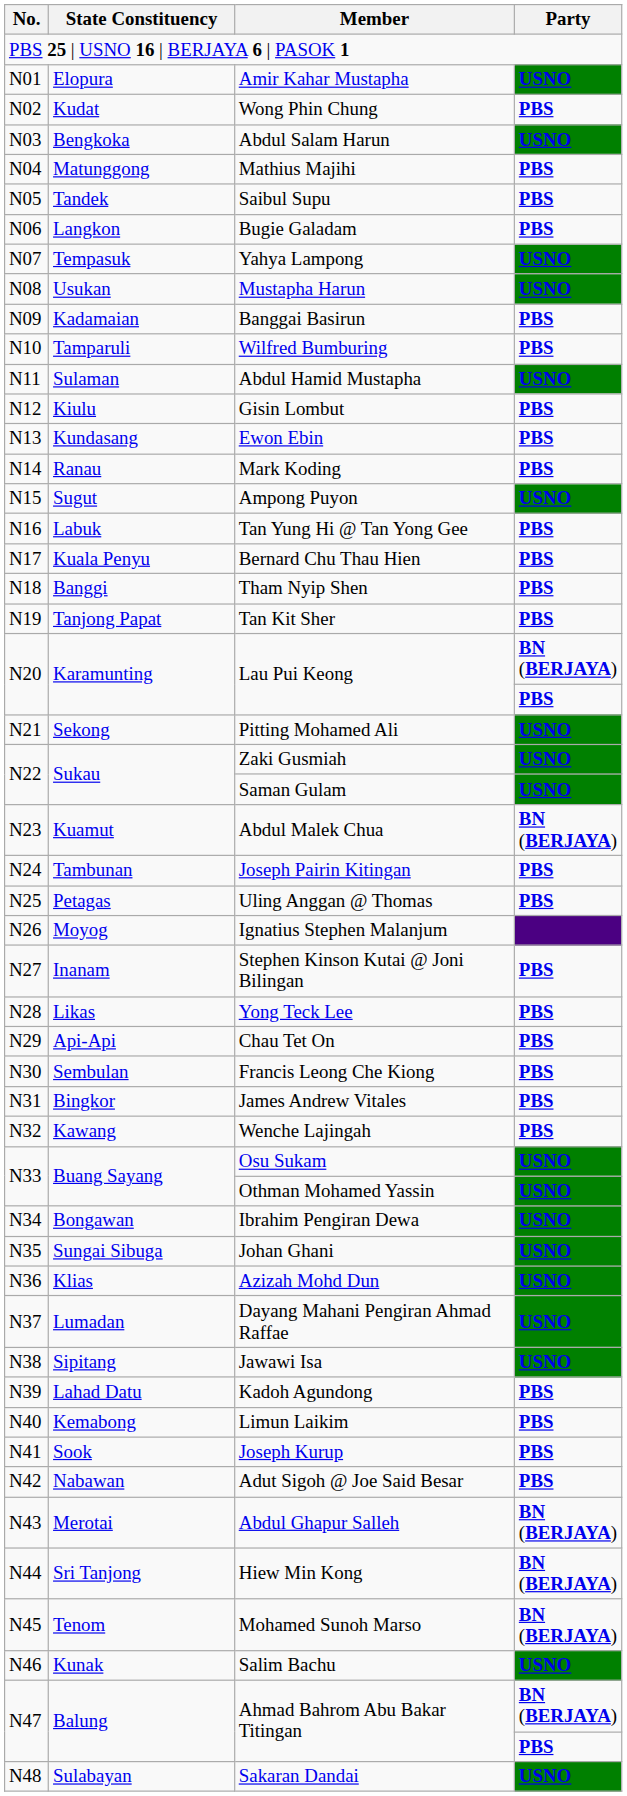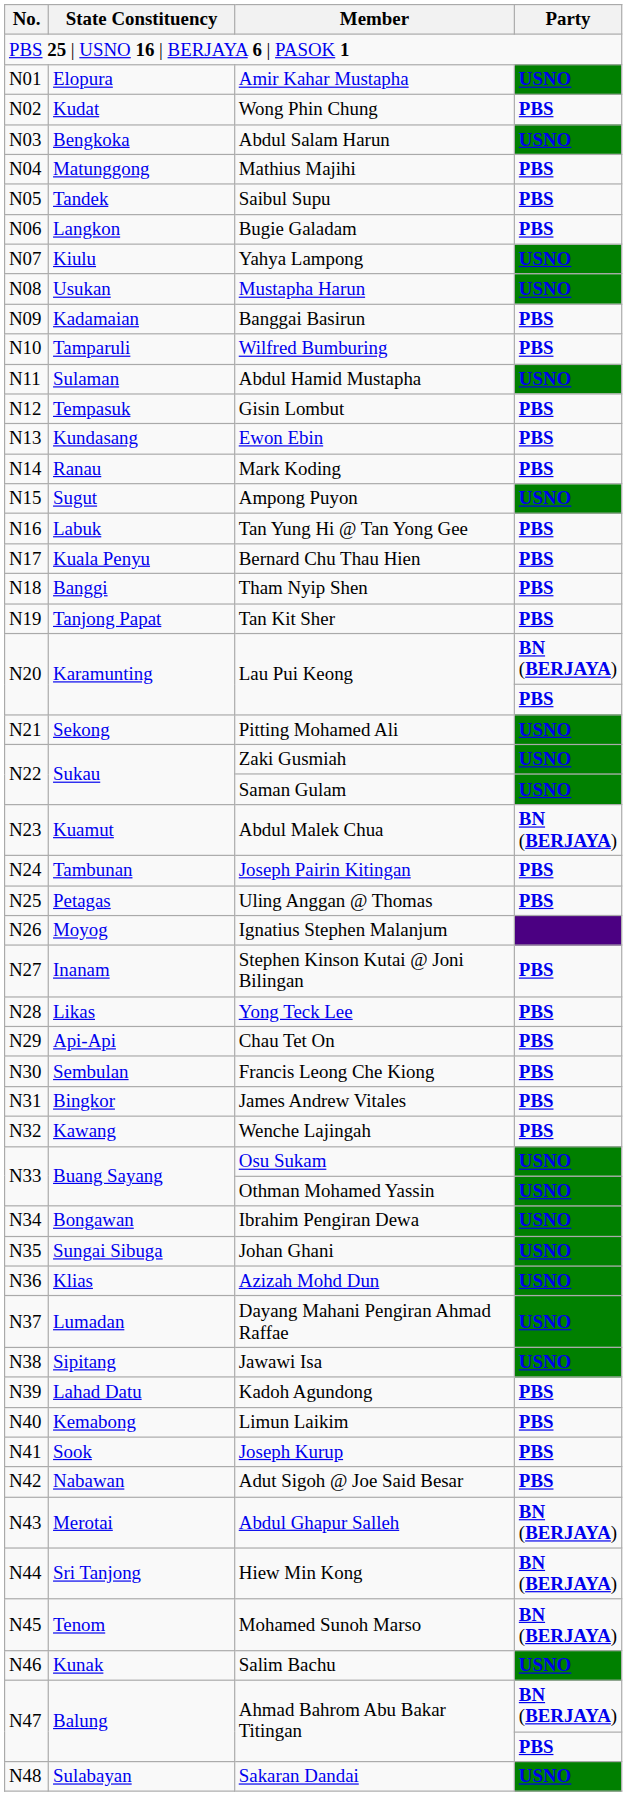 <table class="wikitable sortable">
 <tr>
 <th style="width:30px;">No.</th>
 <th style="width:150px;">State Constituency</th>
 <th style="width:230px;">Member</th>
 <th style="width:80px;">Party</th>
 </tr>
 <tr>
 <td colspan="4"><a href='#'>PBS</a> <strong>25</strong> | <a href='#'>USNO</a> <strong>16</strong> | <a href='#'>BERJAYA</a> <strong>6</strong> | <a href='#'>PASOK</a> <strong>1</strong></td>
 </tr>
 <tr>
 <td>N01</td>
 <td><a href='#'>Elopura</a></td>
 <td><a href='#'>Amir Kahar Mustapha</a></td>
 <td bgcolor=#008000><strong><a href='#'>USNO</a></strong></td>
 </tr>
 <tr>
 <td>N02</td>
 <td><a href='#'>Kudat</a></td>
 <td>Wong Phin Chung</td>
 <td><strong><a href='#'>PBS</a></strong></td>
 </tr>
 <tr>
 <td>N03</td>
 <td><a href='#'>Bengkoka</a></td>
 <td>Abdul Salam Harun</td>
 <td bgcolor=#008000><strong><a href='#'>USNO</a></strong></td>
 </tr>
 <tr>
 <td>N04</td>
 <td><a href='#'>Matunggong</a></td>
 <td>Mathius Majihi</td>
 <td><strong><a href='#'>PBS</a></strong></td>
 </tr>
 <tr>
 <td>N05</td>
 <td><a href='#'>Tandek</a></td>
 <td>Saibul Supu</td>
 <td><strong><a href='#'>PBS</a></strong></td>
 </tr>
 <tr>
 <td>N06</td>
 <td><a href='#'>Langkon</a></td>
 <td>Bugie Galadam</td>
 <td><strong><a href='#'>PBS</a></strong></td>
 </tr>
 <tr>
 <td>N07</td>
-<td><a href='#'>Tempasuk</a></td>
+<td><a href='#'>Kiulu</a></td>
 <td>Yahya Lampong</td>
 <td bgcolor=#008000><strong><a href='#'>USNO</a></strong></td>
 </tr>
 <tr>
 <td>N08</td>
 <td><a href='#'>Usukan</a></td>
 <td><a href='#'>Mustapha Harun</a></td>
 <td bgcolor=#008000><strong><a href='#'>USNO</a></strong></td>
 </tr>
 <tr>
 <td>N09</td>
 <td><a href='#'>Kadamaian</a></td>
 <td>Banggai Basirun</td>
 <td><strong><a href='#'>PBS</a></strong></td>
 </tr>
 <tr>
 <td>N10</td>
 <td><a href='#'>Tamparuli</a></td>
 <td><a href='#'>Wilfred Bumburing</a></td>
 <td><strong><a href='#'>PBS</a></strong></td>
 </tr>
 <tr>
 <td>N11</td>
 <td><a href='#'>Sulaman</a></td>
 <td>Abdul Hamid Mustapha</td>
 <td bgcolor=#008000><strong><a href='#'>USNO</a></strong></td>
 </tr>
 <tr>
 <td>N12</td>
-<td><a href='#'>Kiulu</a></td>
+<td><a href='#'>Tempasuk</a></td>
 <td>Gisin Lombut</td>
 <td><strong><a href='#'>PBS</a></strong></td>
 </tr>
 <tr>
 <td>N13</td>
 <td><a href='#'>Kundasang</a></td>
 <td><a href='#'>Ewon Ebin</a></td>
 <td><strong><a href='#'>PBS</a></strong></td>
 </tr>
 <tr>
 <td>N14</td>
 <td><a href='#'>Ranau</a></td>
 <td>Mark Koding</td>
 <td><strong><a href='#'>PBS</a></strong></td>
 </tr>
 <tr>
 <td>N15</td>
 <td><a href='#'>Sugut</a></td>
 <td>Ampong Puyon</td>
 <td bgcolor=#008000><strong><a href='#'>USNO</a></strong></td>
 </tr>
 <tr>
 <td>N16</td>
 <td><a href='#'>Labuk</a></td>
 <td>Tan Yung Hi @ Tan Yong Gee</td>
 <td><strong><a href='#'>PBS</a></strong></td>
 </tr>
 <tr>
 <td>N17</td>
 <td><a href='#'>Kuala Penyu</a></td>
 <td>Bernard Chu Thau Hien</td>
 <td><strong><a href='#'>PBS</a></strong></td>
 </tr>
 <tr>
 <td>N18</td>
 <td><a href='#'>Banggi</a></td>
 <td>Tham Nyip Shen</td>
 <td><strong><a href='#'>PBS</a></strong></td>
 </tr>
 <tr>
 <td>N19</td>
 <td><a href='#'>Tanjong Papat</a></td>
 <td>Tan Kit Sher</td>
 <td><strong><a href='#'>PBS</a></strong></td>
 </tr>
 <tr>
 <td rowspan=2>N20</td>
 <td rowspan=2><a href='#'>Karamunting</a></td>
 <td rowspan=2>Lau Pui Keong </td>
 <td><strong><a href='#'>BN</a></strong> (<strong><a href='#'>BERJAYA</a></strong>)</td>
 </tr>
 <tr>
 <td><strong><a href='#'>PBS</a></strong></td>
 </tr>
 <tr>
 <td>N21</td>
 <td><a href='#'>Sekong</a></td>
 <td>Pitting Mohamed Ali</td>
 <td bgcolor=#008000><strong><a href='#'>USNO</a></strong></td>
 </tr>
 <tr>
 <td rowspan=2>N22</td>
 <td rowspan=2><a href='#'>Sukau</a></td>
 <td>Zaki Gusmiah </td>
 <td bgcolor=#008000><strong><a href='#'>USNO</a></strong></td>
 </tr>
 <tr>
 <td>Saman Gulam </td>
 <td bgcolor=#008000><strong><a href='#'>USNO</a></strong></td>
 </tr>
 <tr>
 <td>N23</td>
 <td><a href='#'>Kuamut</a></td>
 <td>Abdul Malek Chua</td>
 <td><strong><a href='#'>BN</a></strong> (<strong><a href='#'>BERJAYA</a></strong>)</td>
 </tr>
 <tr>
 <td>N24</td>
 <td><a href='#'>Tambunan</a></td>
 <td><a href='#'>Joseph Pairin Kitingan</a></td>
 <td><strong><a href='#'>PBS</a></strong></td>
 </tr>
 <tr>
 <td>N25</td>
 <td><a href='#'>Petagas</a></td>
 <td>Uling Anggan @ Thomas</td>
 <td><strong><a href='#'>PBS</a></strong></td>
 </tr>
 <tr>
 <td>N26</td>
 <td><a href='#'>Moyog</a></td>
 <td>Ignatius Stephen Malanjum</td>
 <td bgcolor=indigo><strong><a href='#'></a></strong></td>
 </tr>
 <tr>
 <td>N27</td>
 <td><a href='#'>Inanam</a></td>
 <td>Stephen Kinson Kutai @ Joni Bilingan</td>
 <td><strong><a href='#'>PBS</a></strong></td>
 </tr>
 <tr>
 <td>N28</td>
 <td><a href='#'>Likas</a></td>
 <td><a href='#'>Yong Teck Lee</a></td>
 <td><strong><a href='#'>PBS</a></strong></td>
 </tr>
 <tr>
 <td>N29</td>
 <td><a href='#'>Api-Api</a></td>
 <td>Chau Tet On</td>
 <td><strong><a href='#'>PBS</a></strong></td>
 </tr>
 <tr>
 <td>N30</td>
 <td><a href='#'>Sembulan</a></td>
 <td>Francis Leong Che Kiong</td>
 <td><strong><a href='#'>PBS</a></strong></td>
 </tr>
 <tr>
 <td>N31</td>
 <td><a href='#'>Bingkor</a></td>
 <td>James Andrew Vitales</td>
 <td><strong><a href='#'>PBS</a></strong></td>
 </tr>
 <tr>
 <td>N32</td>
 <td><a href='#'>Kawang</a></td>
 <td>Wenche Lajingah</td>
 <td><strong><a href='#'>PBS</a></strong></td>
 </tr>
 <tr>
 <td rowspan=2>N33</td>
 <td rowspan=2><a href='#'>Buang Sayang</a></td>
 <td><a href='#'>Osu Sukam</a> </td>
 <td bgcolor=#008000><strong><a href='#'>USNO</a></strong></td>
 </tr>
 <tr>
 <td>Othman Mohamed Yassin </td>
 <td bgcolor=#008000><strong><a href='#'>USNO</a></strong></td>
 </tr>
 <tr>
 <td>N34</td>
 <td><a href='#'>Bongawan</a></td>
 <td>Ibrahim Pengiran Dewa</td>
 <td bgcolor=#008000><strong><a href='#'>USNO</a></strong></td>
 </tr>
 <tr>
 <td>N35</td>
 <td><a href='#'>Sungai Sibuga</a></td>
 <td>Johan Ghani</td>
 <td bgcolor=#008000><strong><a href='#'>USNO</a></strong></td>
 </tr>
 <tr>
 <td>N36</td>
 <td><a href='#'>Klias</a></td>
 <td><a href='#'>Azizah Mohd Dun</a></td>
 <td bgcolor=#008000><strong><a href='#'>USNO</a></strong></td>
 </tr>
 <tr>
 <td>N37</td>
 <td><a href='#'>Lumadan</a></td>
 <td>Dayang Mahani Pengiran Ahmad Raffae</td>
 <td bgcolor=#008000><strong><a href='#'>USNO</a></strong></td>
 </tr>
 <tr>
 <td>N38</td>
 <td><a href='#'>Sipitang</a></td>
 <td>Jawawi Isa</td>
 <td bgcolor=#008000><strong><a href='#'>USNO</a></strong></td>
 </tr>
 <tr>
 <td>N39</td>
 <td><a href='#'>Lahad Datu</a></td>
 <td>Kadoh Agundong</td>
 <td><strong><a href='#'>PBS</a></strong></td>
 </tr>
 <tr>
 <td>N40</td>
 <td><a href='#'>Kemabong</a></td>
 <td>Limun Laikim</td>
 <td><strong><a href='#'>PBS</a></strong></td>
 </tr>
 <tr>
 <td>N41</td>
 <td><a href='#'>Sook</a></td>
 <td><a href='#'>Joseph Kurup</a></td>
 <td><strong><a href='#'>PBS</a></strong></td>
 </tr>
 <tr>
 <td>N42</td>
 <td><a href='#'>Nabawan</a></td>
 <td>Adut Sigoh @ Joe Said Besar</td>
 <td><strong><a href='#'>PBS</a></strong></td>
 </tr>
 <tr>
 <td>N43</td>
 <td><a href='#'>Merotai</a></td>
 <td><a href='#'>Abdul Ghapur Salleh</a></td>
 <td><strong><a href='#'>BN</a></strong> (<strong><a href='#'>BERJAYA</a></strong>)</td>
 </tr>
 <tr>
 <td>N44</td>
 <td><a href='#'>Sri Tanjong</a></td>
 <td>Hiew Min Kong</td>
 <td><strong><a href='#'>BN</a></strong> (<strong><a href='#'>BERJAYA</a></strong>)</td>
 </tr>
 <tr>
 <td>N45</td>
 <td><a href='#'>Tenom</a></td>
 <td>Mohamed Sunoh Marso</td>
 <td><strong><a href='#'>BN</a></strong> (<strong><a href='#'>BERJAYA</a></strong>)</td>
 </tr>
 <tr>
 <td>N46</td>
 <td><a href='#'>Kunak</a></td>
 <td>Salim Bachu</td>
 <td bgcolor=#008000><strong><a href='#'>USNO</a></strong></td>
 </tr>
 <tr>
 <td rowspan=2>N47</td>
 <td rowspan=2><a href='#'>Balung</a></td>
 <td rowspan=2>Ahmad Bahrom Abu Bakar Titingan </td>
 <td><strong><a href='#'>BN</a></strong> (<strong><a href='#'>BERJAYA</a></strong>)</td>
 </tr>
 <tr>
 <td><strong><a href='#'>PBS</a></strong></td>
 </tr>
 <tr>
 <td>N48</td>
 <td><a href='#'>Sulabayan</a></td>
 <td><a href='#'>Sakaran Dandai</a></td>
 <td bgcolor=#008000><strong><a href='#'>USNO</a></strong></td>
 </tr>
 </table>
